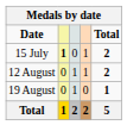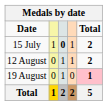 <table class=wikitable style="font-size:85%; text-align:center; float:right;">
 <tr style="background:#efefef">
 <th colspan=6>Medals by date</th>
 </tr>
 <tr style="text-align:center">
 <td><strong>Date</strong></td>
 <td style="background:#f7f6a8"></td>
 <td style="background:#dce5e5"></td>
 <td style="background:#ffdab9"></td>
 <td><strong>Total</strong></td>
 </tr>
 <tr style="text-align:center">
 <td>15 July</td>
-<td style="background:#F7F6A8"><strong>1</strong></td>
-<td style="background:#DCE5E5">0</td>
+<td style="background:#F7F6A8">1</td>
+<td style="background:#DCE5E5"><strong>0</strong></td>
 <td style="background:#FFDAB9">1</td>
 <td><strong>2</strong></td>
 </tr>
 <tr style="text-align:center">
 <td>12 August</td>
 <td style="background:#F7F6A8">0</td>
 <td style="background:#DCE5E5">1</td>
 <td style="background:#FFDAB9">1</td>
 <td><strong>2</strong></td>
 </tr>
 <tr style="text-align:center">
 <td>19 August</td>
 <td style="background:#F7F6A8">0</td>
 <td style="background:#DCE5E5">1</td>
 <td style="background:#FFDAB9">0</td>
-<td><strong>1</strong></td>
+<td style="background: pink;"><strong>1</strong></td>
 </tr>
 <tr>
 <th>Total</th>
 <th style="background:gold">1</th>
 <th style="background:silver">2</th>
 <th style="background:#c96">2</th>
 <th>5</th>
 </tr>
 </table>
